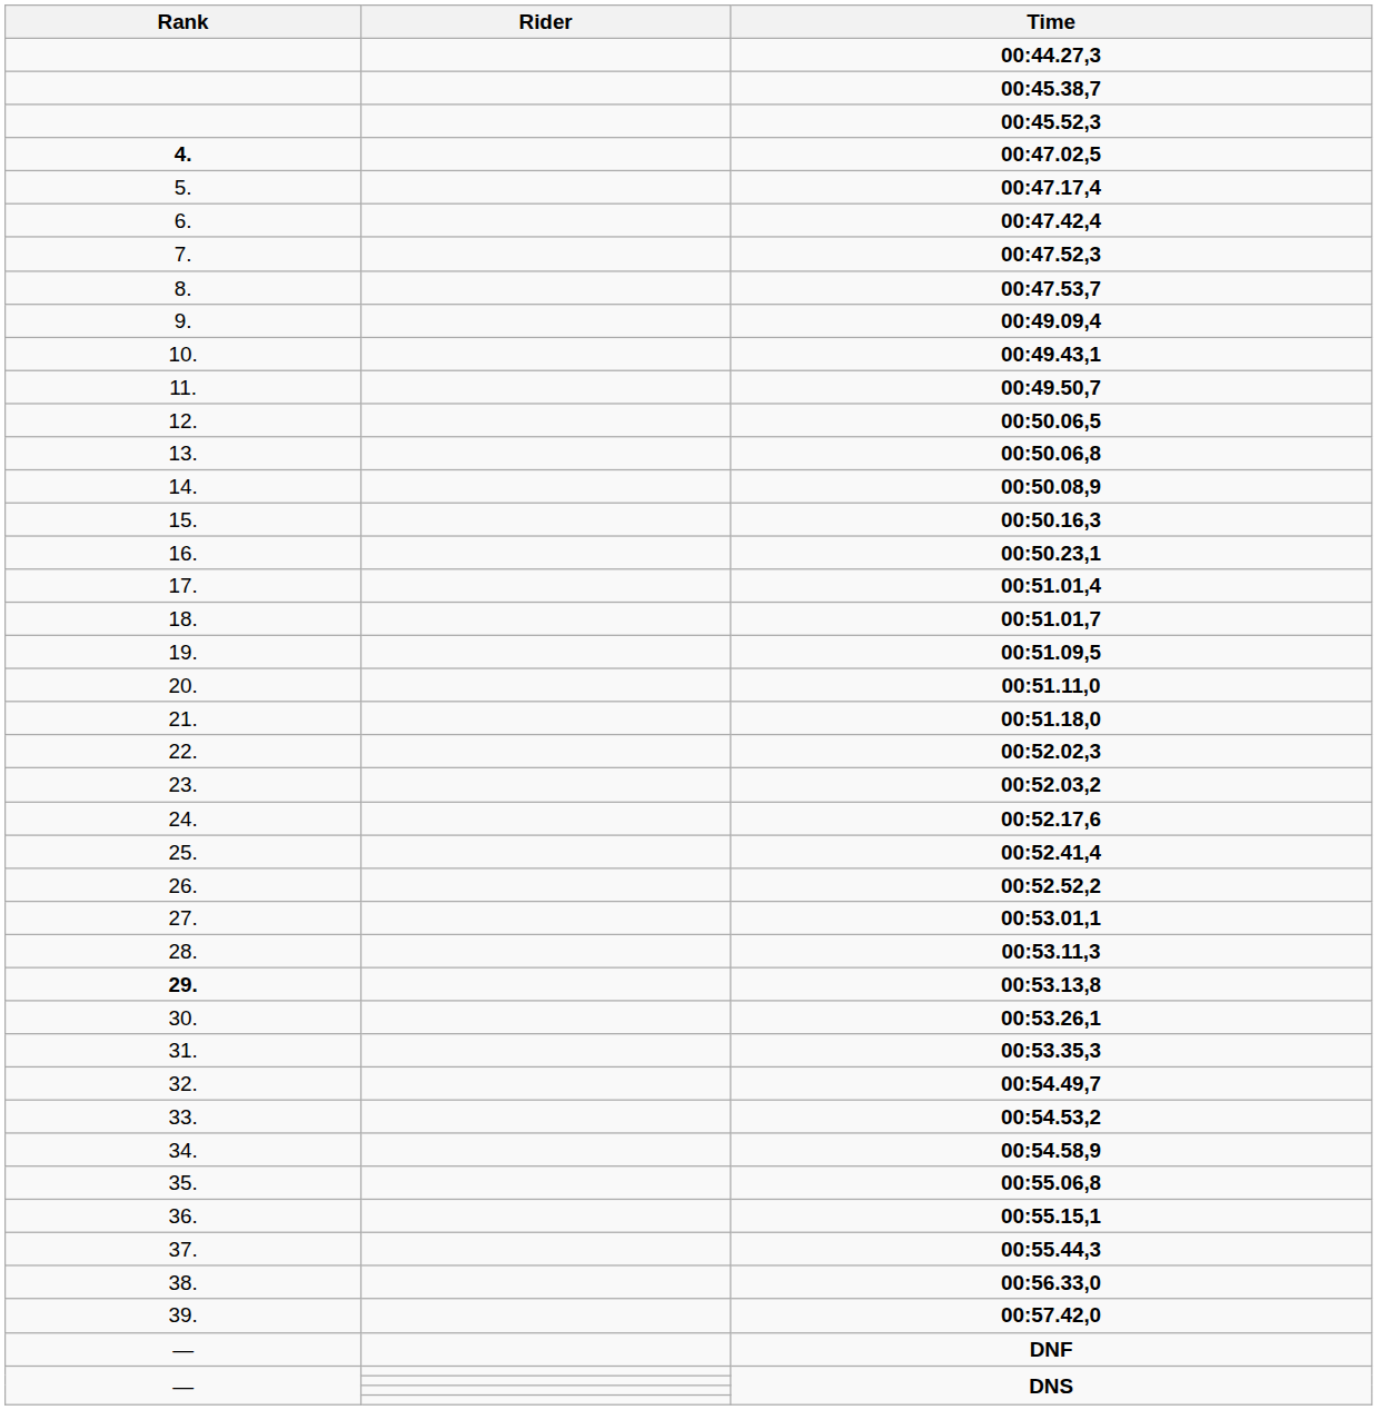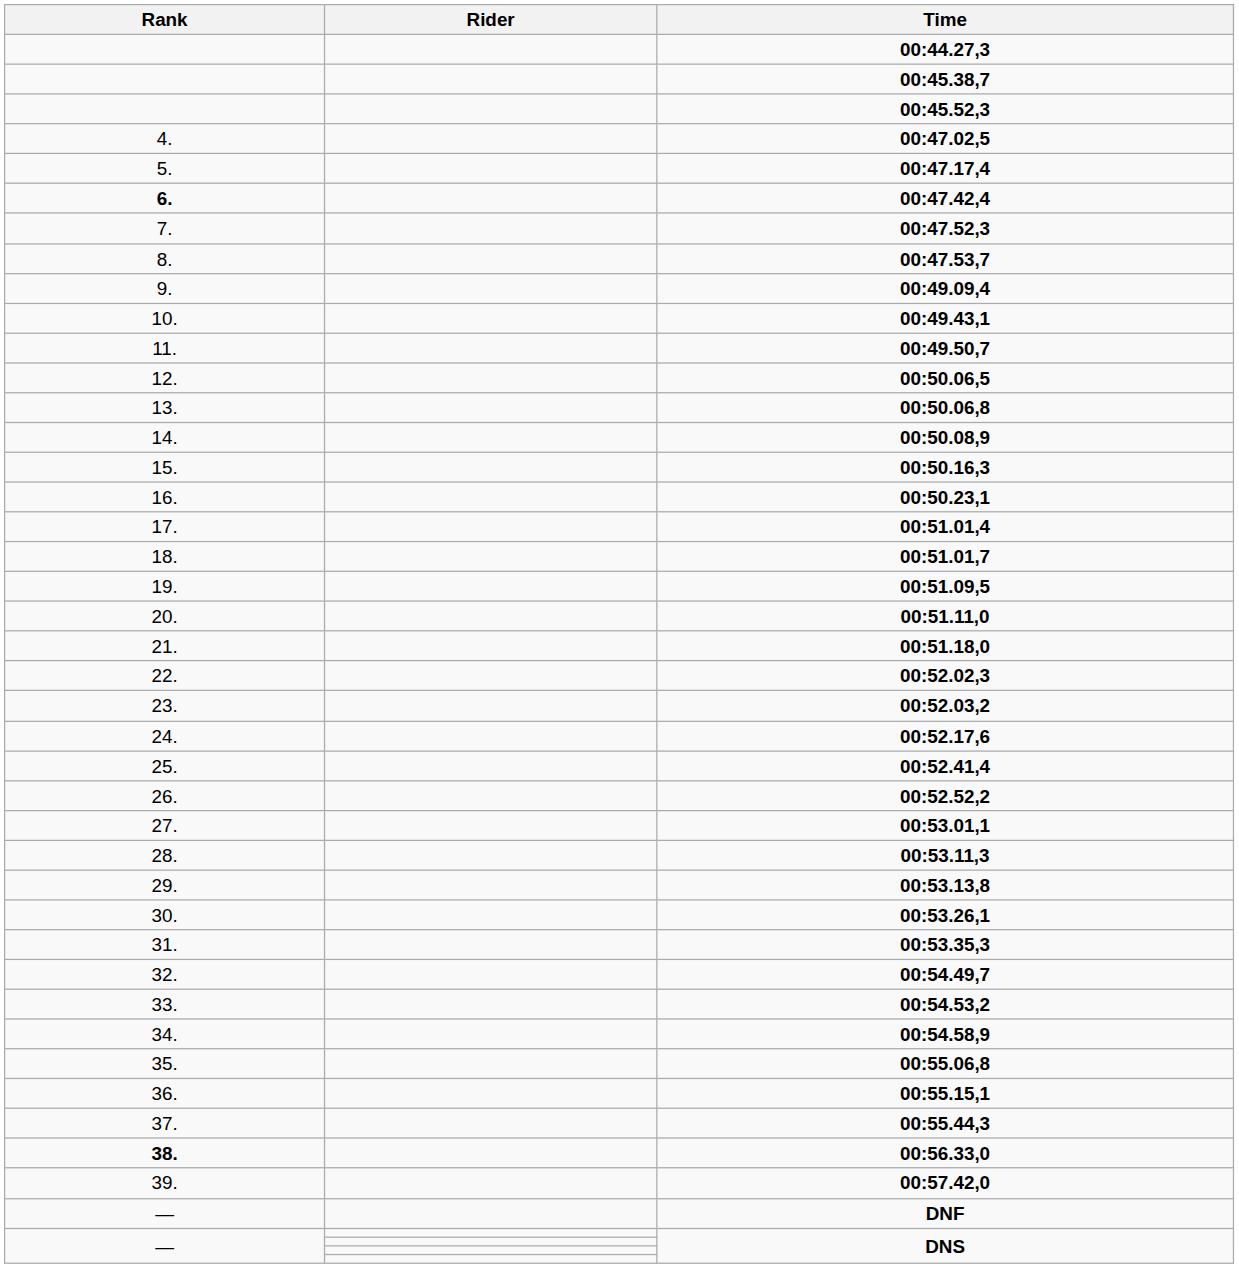 <table class=wikitable style="font-size:95%" width="50%">
 <tr>
 <th>Rank</th>
 <th>Rider</th>
 <th>Time</th>
 </tr>
 <tr>
 <td align="center"></td>
 <td></td>
 <td align="center"><strong>00:44.27,3</strong></td>
 </tr>
 <tr>
 <td align="center"></td>
 <td></td>
 <td align="center"><strong>00:45.38,7</strong></td>
 </tr>
 <tr>
 <td align="center"></td>
 <td></td>
 <td align="center"><strong>00:45.52,3</strong></td>
 </tr>
 <tr>
-<td align="center"><strong>4.</strong></td>
+<td align="center">4.</td>
 <td></td>
 <td align="center"><strong>00:47.02,5</strong></td>
 </tr>
 <tr>
 <td align="center">5.</td>
 <td></td>
 <td align="center"><strong>00:47.17,4</strong></td>
 </tr>
 <tr>
-<td align="center">6.</td>
+<td align="center"><strong>6.</strong></td>
 <td></td>
 <td align="center"><strong>00:47.42,4</strong></td>
 </tr>
 <tr>
 <td align="center">7.</td>
 <td></td>
 <td align="center"><strong>00:47.52,3</strong></td>
 </tr>
 <tr>
 <td align="center">8.</td>
 <td></td>
 <td align="center"><strong>00:47.53,7</strong></td>
 </tr>
 <tr>
 <td align="center">9.</td>
 <td></td>
 <td align="center"><strong>00:49.09,4</strong></td>
 </tr>
 <tr>
 <td align="center">10.</td>
 <td></td>
 <td align="center"><strong>00:49.43,1</strong></td>
 </tr>
 <tr>
 <td align="center">11.</td>
 <td></td>
 <td align="center"><strong>00:49.50,7</strong></td>
 </tr>
 <tr>
 <td align="center">12.</td>
 <td></td>
 <td align="center"><strong>00:50.06,5</strong></td>
 </tr>
 <tr>
 <td align="center">13.</td>
 <td></td>
 <td align="center"><strong>00:50.06,8</strong></td>
 </tr>
 <tr>
 <td align="center">14.</td>
 <td></td>
 <td align="center"><strong>00:50.08,9</strong></td>
 </tr>
 <tr>
 <td align="center">15.</td>
 <td></td>
 <td align="center"><strong>00:50.16,3</strong></td>
 </tr>
 <tr>
 <td align="center">16.</td>
 <td></td>
 <td align="center"><strong>00:50.23,1</strong></td>
 </tr>
 <tr>
 <td align="center">17.</td>
 <td></td>
 <td align="center"><strong>00:51.01,4</strong></td>
 </tr>
 <tr>
 <td align="center">18.</td>
 <td></td>
 <td align="center"><strong>00:51.01,7</strong></td>
 </tr>
 <tr>
 <td align="center">19.</td>
 <td></td>
 <td align="center"><strong>00:51.09,5</strong></td>
 </tr>
 <tr>
 <td align="center">20.</td>
 <td></td>
 <td align="center"><strong>00:51.11,0</strong></td>
 </tr>
 <tr>
 <td align="center">21.</td>
 <td></td>
 <td align="center"><strong>00:51.18,0</strong></td>
 </tr>
 <tr>
 <td align="center">22.</td>
 <td></td>
 <td align="center"><strong>00:52.02,3</strong></td>
 </tr>
 <tr>
 <td align="center">23.</td>
 <td></td>
 <td align="center"><strong>00:52.03,2</strong></td>
 </tr>
 <tr>
 <td align="center">24.</td>
 <td></td>
 <td align="center"><strong>00:52.17,6</strong></td>
 </tr>
 <tr>
 <td align="center">25.</td>
 <td></td>
 <td align="center"><strong>00:52.41,4</strong></td>
 </tr>
 <tr>
 <td align="center">26.</td>
 <td></td>
 <td align="center"><strong>00:52.52,2</strong></td>
 </tr>
 <tr>
 <td align="center">27.</td>
 <td></td>
 <td align="center"><strong>00:53.01,1</strong></td>
 </tr>
 <tr>
 <td align="center">28.</td>
 <td></td>
 <td align="center"><strong>00:53.11,3</strong></td>
 </tr>
 <tr>
-<td align="center"><strong>29.</strong></td>
+<td align="center">29.</td>
 <td></td>
 <td align="center"><strong>00:53.13,8</strong></td>
 </tr>
 <tr>
 <td align="center">30.</td>
 <td></td>
 <td align="center"><strong>00:53.26,1</strong></td>
 </tr>
 <tr>
 <td align="center">31.</td>
 <td></td>
 <td align="center"><strong>00:53.35,3</strong></td>
 </tr>
 <tr>
 <td align="center">32.</td>
 <td></td>
 <td align="center"><strong>00:54.49,7</strong></td>
 </tr>
 <tr>
 <td align="center">33.</td>
 <td></td>
 <td align="center"><strong>00:54.53,2</strong></td>
 </tr>
 <tr>
 <td align="center">34.</td>
 <td></td>
 <td align="center"><strong>00:54.58,9</strong></td>
 </tr>
 <tr>
 <td align="center">35.</td>
 <td></td>
 <td align="center"><strong>00:55.06,8</strong></td>
 </tr>
 <tr>
 <td align="center">36.</td>
 <td></td>
 <td align="center"><strong>00:55.15,1</strong></td>
 </tr>
 <tr>
 <td align="center">37.</td>
 <td></td>
 <td align="center"><strong>00:55.44,3</strong></td>
 </tr>
 <tr>
-<td align="center">38.</td>
+<td align="center"><strong>38.</strong></td>
 <td></td>
 <td align="center"><strong>00:56.33,0</strong></td>
 </tr>
 <tr>
 <td align="center">39.</td>
 <td></td>
 <td align="center"><strong>00:57.42,0</strong></td>
 </tr>
 <tr>
 <td align="center">—</td>
 <td></td>
 <td align="center"><strong>DNF</strong></td>
 </tr>
 <tr>
 <td rowspan="4" align="center">—</td>
 <td></td>
 <td rowspan="4" align="center"><strong>DNS</strong></td>
 </tr>
 <tr>
 <td></td>
 </tr>
 <tr>
 <td></td>
 </tr>
 <tr>
 <td></td>
 </tr>
 </table>
